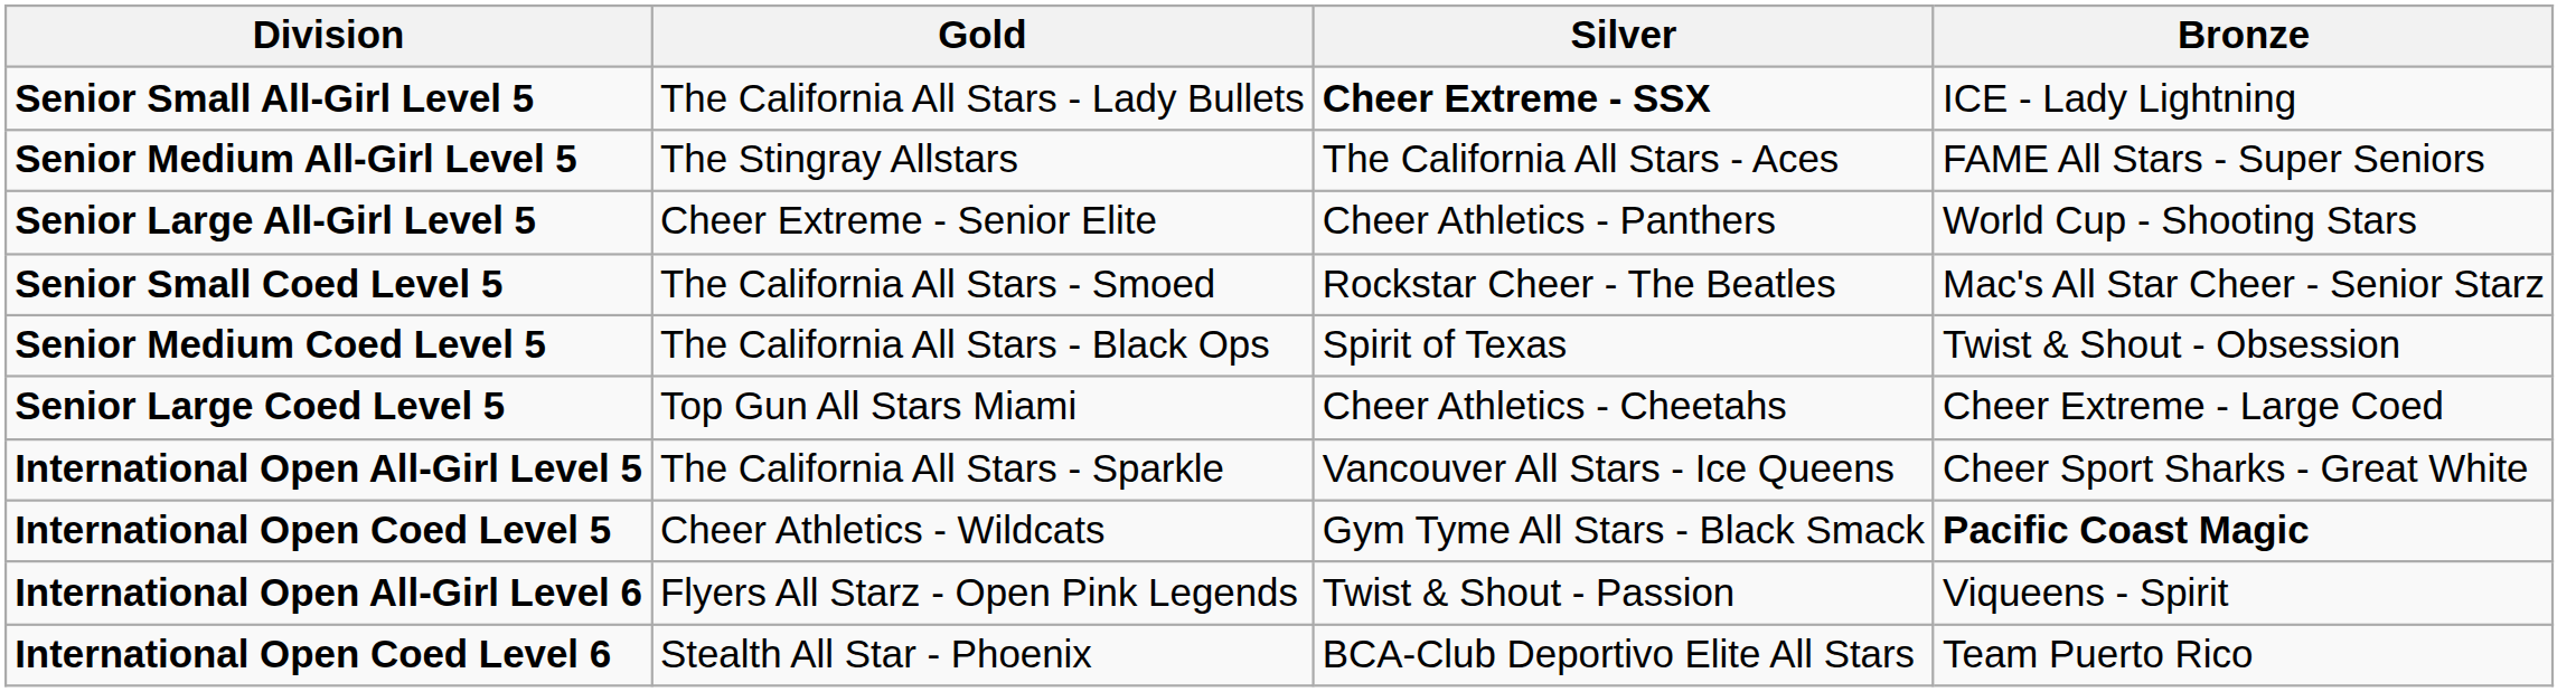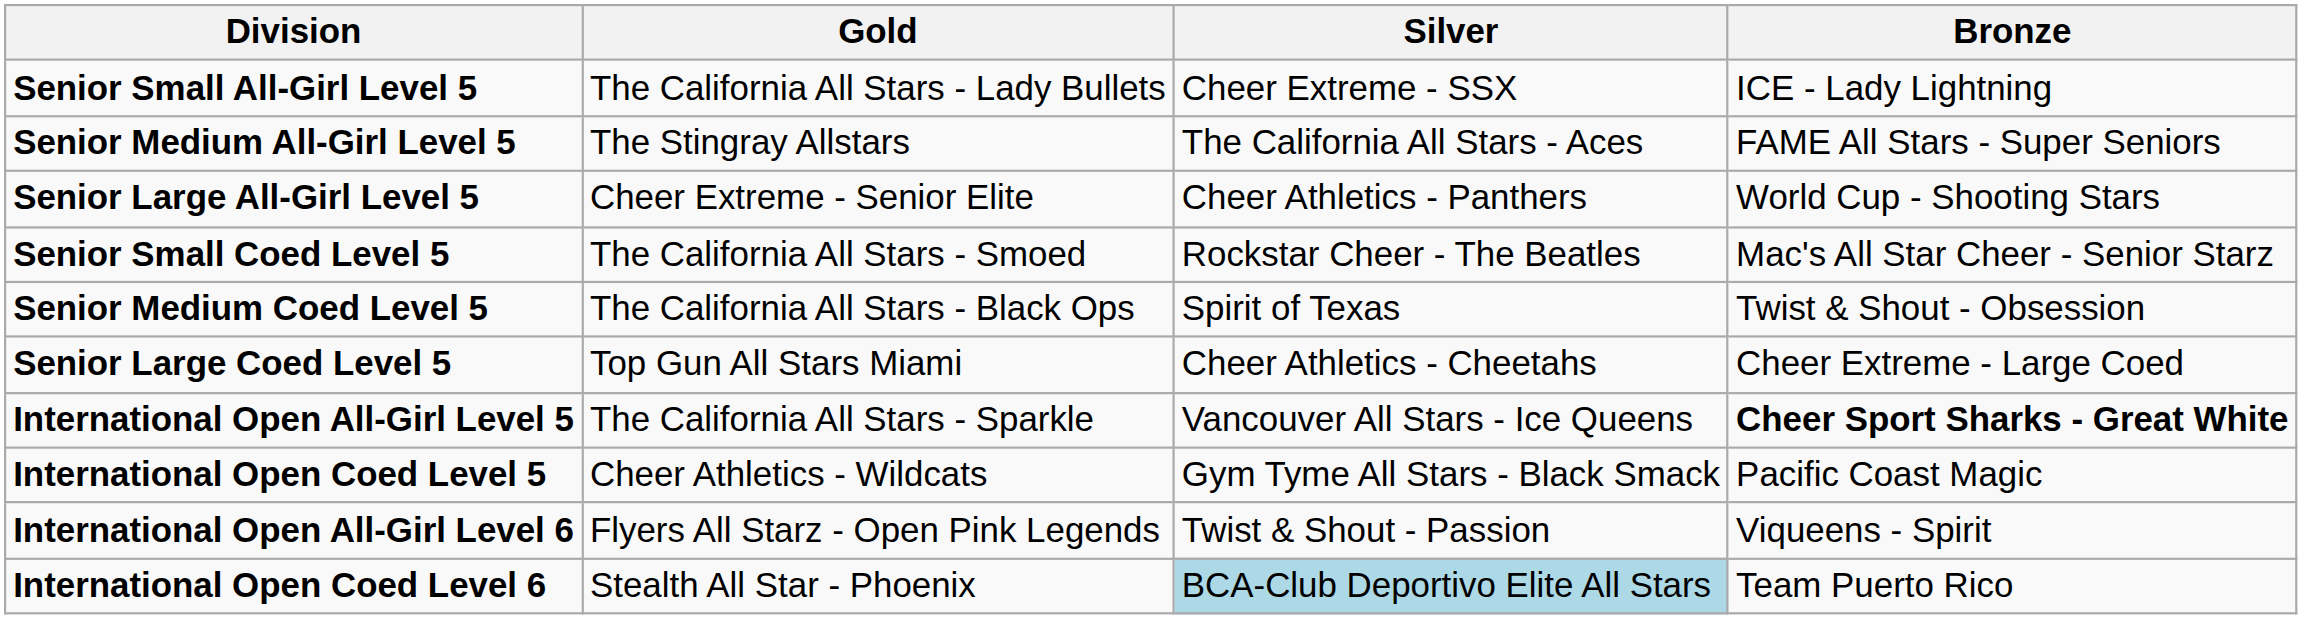 <table class="wikitable">
 <tr>
 <th><strong>Division</strong></th>
 <th><strong>Gold</strong></th>
 <th><strong>Silver</strong></th>
 <th><strong>Bronze</strong></th>
 </tr>
 <tr>
 <td><strong>Senior Small All-Girl Level 5</strong></td>
 <td>The California All Stars - Lady Bullets</td>
-<td><strong>Cheer Extreme - SSX</strong></td>
+<td>Cheer Extreme - SSX</td>
 <td>ICE - Lady Lightning</td>
 </tr>
 <tr>
 <td><strong>Senior Medium All-Girl Level 5</strong></td>
 <td>The Stingray Allstars</td>
 <td>The California All Stars - Aces</td>
 <td>FAME All Stars - Super Seniors</td>
 </tr>
 <tr>
 <td><strong>Senior Large All-Girl Level 5</strong></td>
 <td>Cheer Extreme - Senior Elite</td>
 <td>Cheer Athletics - Panthers</td>
 <td>World Cup - Shooting Stars</td>
 </tr>
 <tr>
 <td><strong>Senior Small Coed Level 5</strong></td>
 <td>The California All Stars - Smoed</td>
 <td>Rockstar Cheer - The Beatles</td>
 <td>Mac's All Star Cheer - Senior Starz</td>
 </tr>
 <tr>
 <td><strong>Senior Medium Coed Level 5</strong></td>
 <td>The California All Stars - Black Ops</td>
 <td>Spirit of Texas</td>
 <td>Twist & Shout - Obsession</td>
 </tr>
 <tr>
 <td><strong>Senior Large Coed Level 5</strong></td>
 <td>Top Gun All Stars Miami</td>
 <td>Cheer Athletics - Cheetahs</td>
 <td>Cheer Extreme - Large Coed</td>
 </tr>
 <tr>
 <td><strong>International Open All-Girl Level 5</strong></td>
 <td>The California All Stars - Sparkle</td>
 <td>Vancouver All Stars - Ice Queens</td>
-<td>Cheer Sport Sharks - Great White</td>
+<td><strong>Cheer Sport Sharks - Great White</strong></td>
 </tr>
 <tr>
 <td><strong>International Open Coed Level 5</strong></td>
 <td>Cheer Athletics - Wildcats</td>
 <td>Gym Tyme All Stars - Black Smack</td>
-<td><strong>Pacific Coast Magic</strong></td>
+<td>Pacific Coast Magic</td>
 </tr>
 <tr>
 <td><strong>International Open All-Girl Level 6</strong></td>
 <td>Flyers All Starz - Open Pink Legends</td>
 <td>Twist & Shout - Passion</td>
 <td>Viqueens - Spirit</td>
 </tr>
 <tr>
 <td><strong>International Open Coed Level 6</strong></td>
 <td>Stealth All Star - Phoenix</td>
-<td>BCA-Club Deportivo Elite All Stars</td>
+<td style="background: lightblue;">BCA-Club Deportivo Elite All Stars</td>
 <td>Team Puerto Rico</td>
 </tr>
 </table>
